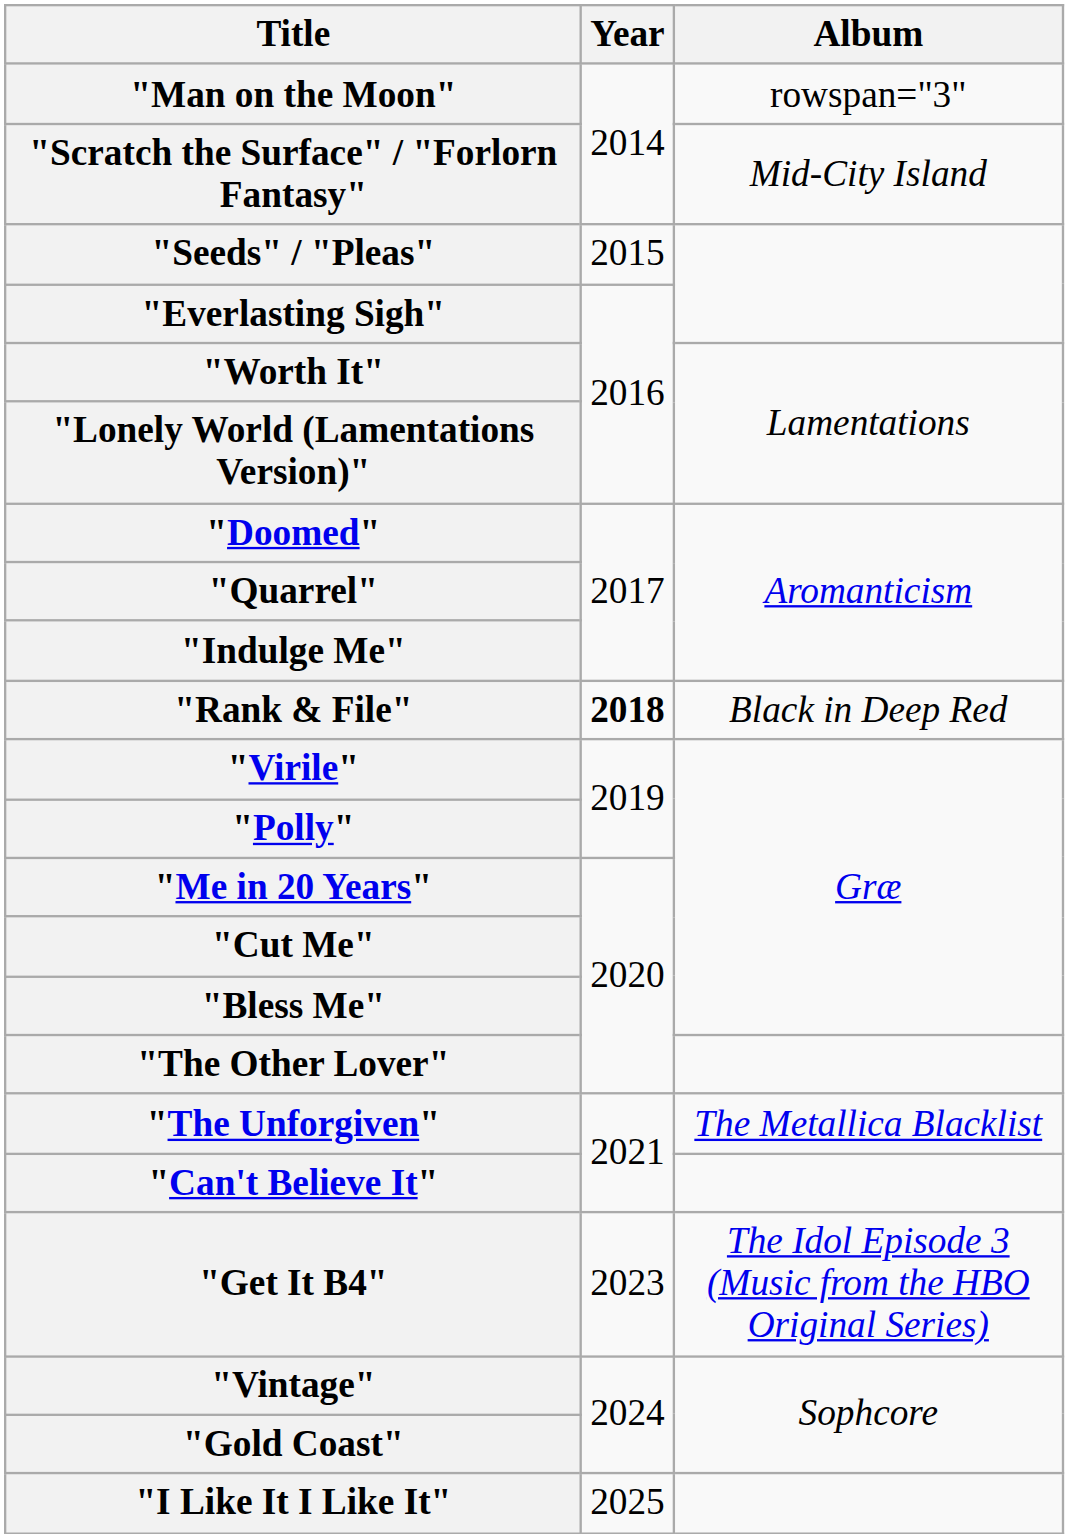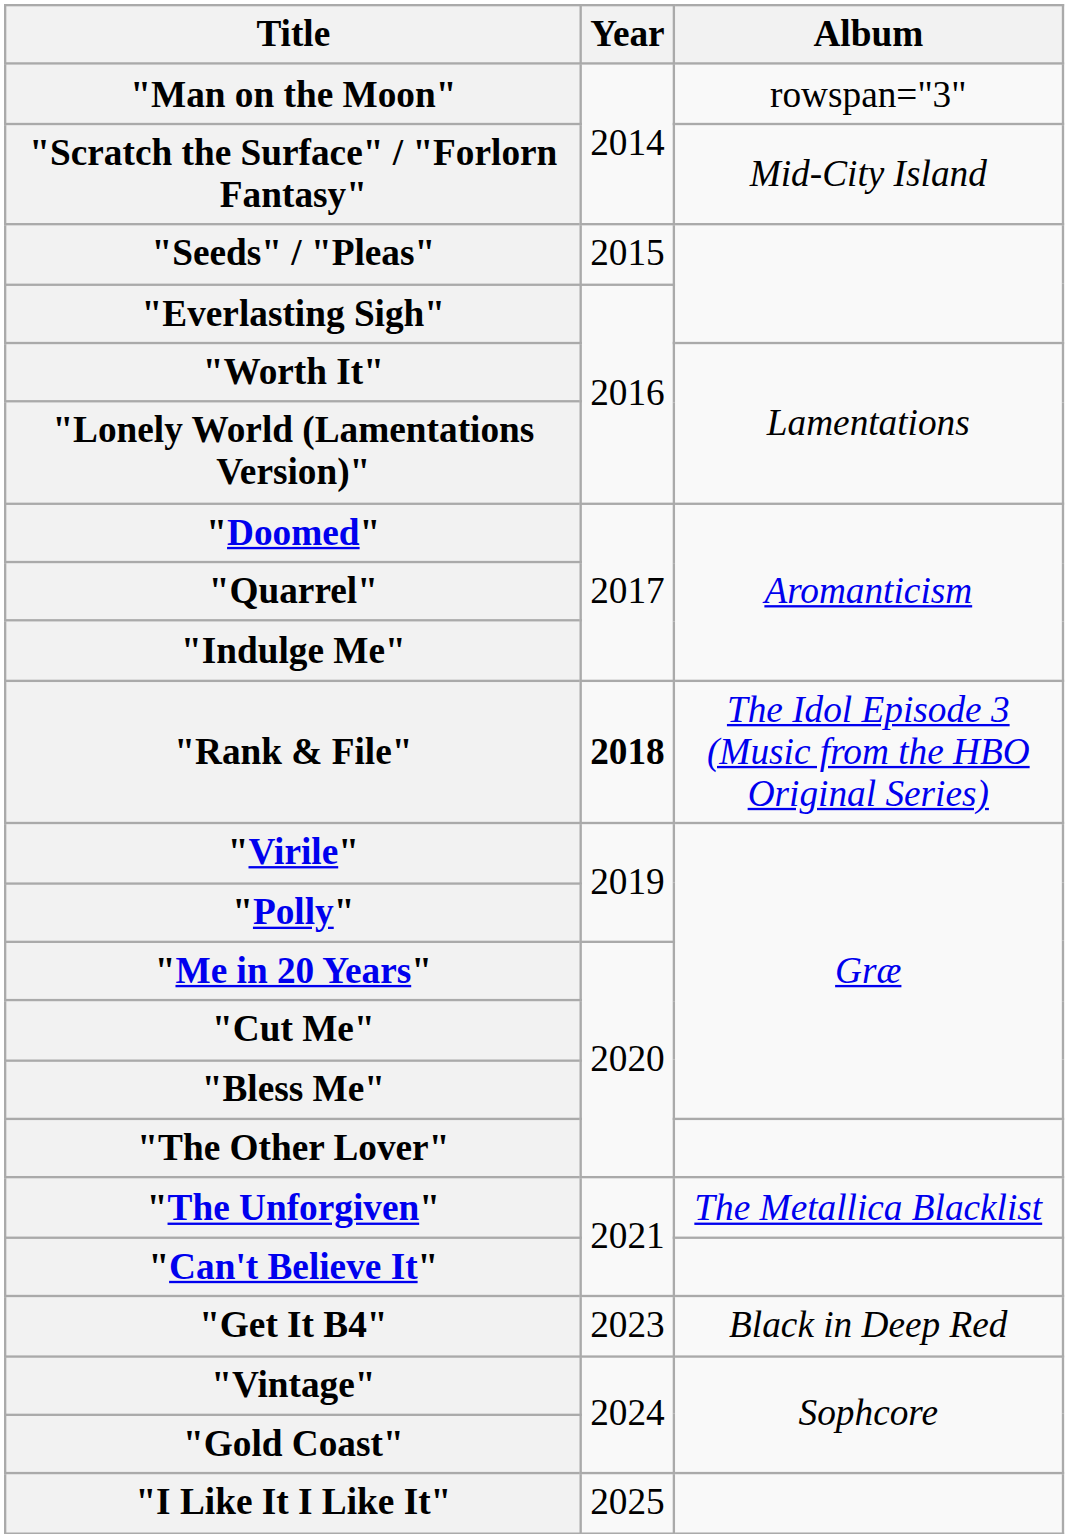 <table class="wikitable plainrowheaders" style="text-align:center">
 <tr>
 <th scope="col" style="width:15em;">Title</th>
 <th scope="col" style="width:1em;">Year</th>
 <th scope="col" style="width:10em;">Album</th>
 </tr>
 <tr>
 <th scope="row">"Man on the Moon"</th>
 <td rowspan="2">2014</td>
 <td>rowspan="3" </td>
 </tr>
 <tr>
 <th scope="row">"Scratch the Surface" / "Forlorn Fantasy"</th>
 <td><em>Mid-City Island</em></td>
 </tr>
 <tr>
 <th scope="row">"Seeds" / "Pleas"</th>
 <td>2015</td>
 </tr>
 <tr>
 <th scope="row">"Everlasting Sigh"</th>
 <td rowspan="3">2016</td>
 </tr>
 <tr>
 <th scope="row">"Worth It"</th>
 <td rowspan="2"><em>Lamentations</em></td>
 </tr>
 <tr>
 <th scope="row">"Lonely World (Lamentations Version)"</th>
 </tr>
 <tr>
 <th scope="row">"<a href='#'>Doomed</a>"</th>
 <td rowspan="3">2017</td>
 <td rowspan="3"><em><a href='#'>Aromanticism</a></em></td>
 </tr>
 <tr>
 <th scope="row">"Quarrel"</th>
 </tr>
 <tr>
 <th scope="row">"Indulge Me"</th>
 </tr>
 <tr>
 <th scope="row">"Rank & File"</th>
 <td><strong>2018</strong></td>
-<td><em>Black in Deep Red</em></td>
+<td><em><a href='#'>The Idol Episode 3 (Music from the HBO Original Series)</a></em></td>
 </tr>
 <tr>
 <th scope="row">"<a href='#'>Virile</a>"</th>
 <td rowspan="2">2019</td>
 <td rowspan="5"><em><a href='#'>Græ</a></em></td>
 </tr>
 <tr>
 <th scope="row">"<a href='#'>Polly</a>"</th>
 </tr>
 <tr>
 <th scope="row">"<a href='#'>Me in 20 Years</a>"</th>
 <td rowspan="4">2020</td>
 </tr>
 <tr>
 <th scope="row">"Cut Me"</th>
 </tr>
 <tr>
 <th scope="row">"Bless Me"</th>
 </tr>
 <tr>
 <th scope="row">"The Other Lover"<br></th>
 <td></td>
 </tr>
 <tr>
 <th scope="row">"<a href='#'>The Unforgiven</a>"</th>
 <td rowspan="2">2021</td>
 <td><em><a href='#'>The Metallica Blacklist</a></em></td>
 </tr>
 <tr>
 <th scope="row">"<a href='#'>Can't Believe It</a>"<br></th>
 <td></td>
 </tr>
 <tr>
 <th scope="row">"Get It B4"</th>
 <td>2023</td>
-<td><em><a href='#'>The Idol Episode 3 (Music from the HBO Original Series)</a></em></td>
+<td><em>Black in Deep Red</em></td>
 </tr>
 <tr>
 <th scope="row">"Vintage"</th>
 <td rowspan="2">2024</td>
 <td rowspan="2"><em>Sophcore</em></td>
 </tr>
 <tr>
 <th scope="row">"Gold Coast"</th>
 </tr>
 <tr>
 <th scope="row">"I Like It I Like It"<br></th>
 <td>2025</td>
 <td></td>
 </tr>
 </table>
